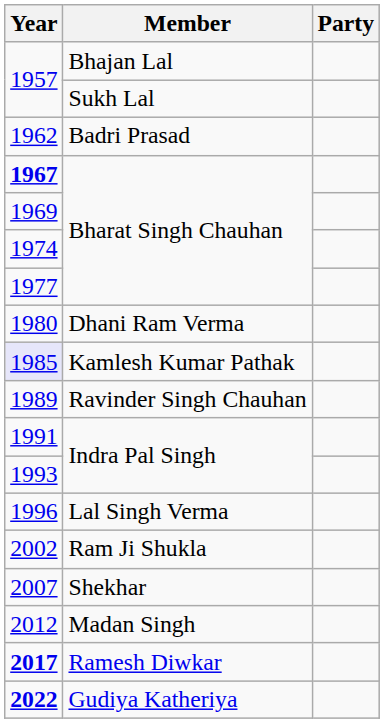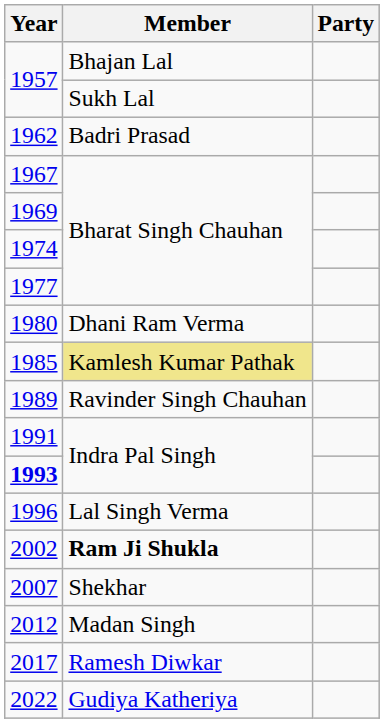 <table class="wikitable">
 <tr>
 <th>Year</th>
 <th>Member</th>
 <th colspan="2">Party</th>
 </tr>
 <tr>
 <td rowspan="2"><a href='#'>1957</a></td>
 <td>Bhajan Lal</td>
 <td></td>
 </tr>
 <tr>
 <td>Sukh Lal</td>
 <td></td>
 </tr>
 <tr>
 <td><a href='#'>1962</a></td>
 <td>Badri Prasad</td>
 </tr>
 <tr>
-<td><strong><a href='#'>1967</a></strong></td>
+<td><a href='#'>1967</a></td>
 <td rowspan="4">Bharat Singh Chauhan</td>
 <td></td>
 </tr>
 <tr>
 <td><a href='#'>1969</a></td>
 <td></td>
 </tr>
 <tr>
 <td><a href='#'>1974</a></td>
 </tr>
 <tr>
 <td><a href='#'>1977</a></td>
 <td></td>
 </tr>
 <tr>
 <td><a href='#'>1980</a></td>
 <td>Dhani Ram Verma</td>
 <td></td>
 </tr>
 <tr>
-<td style="background: lavender;"><a href='#'>1985</a></td>
-<td>Kamlesh Kumar Pathak</td>
+<td><a href='#'>1985</a></td>
+<td style="background: khaki;">Kamlesh Kumar Pathak</td>
 <td></td>
 </tr>
 <tr>
 <td><a href='#'>1989</a></td>
 <td>Ravinder Singh Chauhan</td>
 <td></td>
 </tr>
 <tr>
 <td><a href='#'>1991</a></td>
 <td rowspan="2">Indra Pal Singh</td>
 <td></td>
 </tr>
 <tr>
-<td><a href='#'>1993</a></td>
+<td><strong><a href='#'>1993</a></strong></td>
 <td></td>
 </tr>
 <tr>
 <td><a href='#'>1996</a></td>
 <td>Lal Singh Verma</td>
 <td></td>
 </tr>
 <tr>
 <td><a href='#'>2002</a></td>
-<td>Ram Ji Shukla</td>
+<td><strong>Ram Ji Shukla</strong></td>
 <td></td>
 </tr>
 <tr>
 <td><a href='#'>2007</a></td>
 <td>Shekhar</td>
 </tr>
 <tr>
 <td><a href='#'>2012</a></td>
 <td>Madan Singh</td>
 <td></td>
 </tr>
 <tr>
-<td><strong><a href='#'>2017</a></strong></td>
+<td><a href='#'>2017</a></td>
 <td><a href='#'>Ramesh Diwkar</a></td>
 <td></td>
 </tr>
 <tr>
-<td><strong><a href='#'>2022</a></strong></td>
+<td><a href='#'>2022</a></td>
 <td><a href='#'>Gudiya Katheriya</a></td>
 </tr>
 </table>
